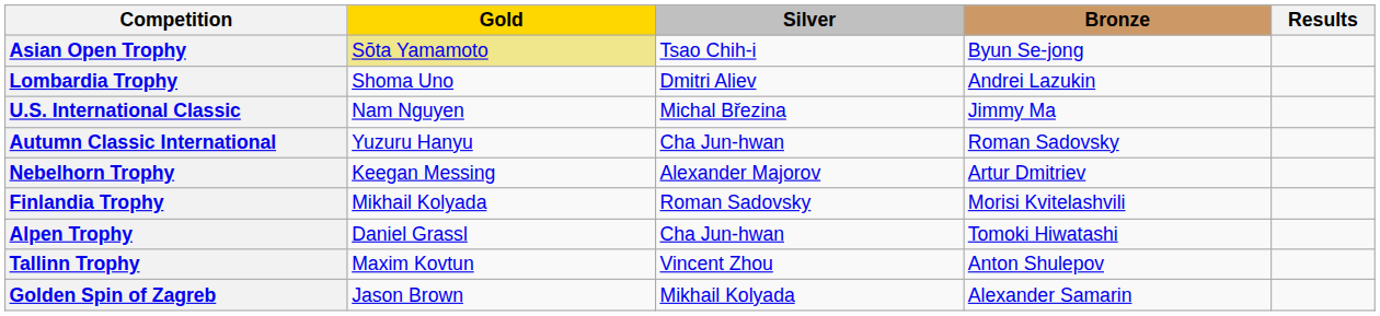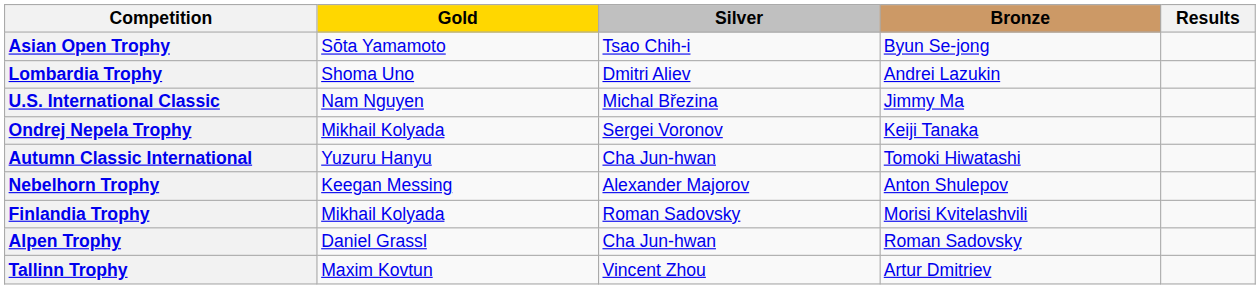 <table class="wikitable unsortable" style="text-align:left; width:90%;">
 <tr>
 <th scope="col" style="text-align:center; width:25%;">Competition</th>
 <td scope="col" style="text-align:center; width:22.5%; background:gold"><strong>Gold</strong></td>
 <td scope="col" style="text-align:center; width:22.5%; background:silver"><strong>Silver</strong></td>
 <td scope="col" style="text-align:center; width:22.5%; background:#c96"><strong>Bronze</strong></td>
 <th scope="col" style="text-align:center; width:7.5%;">Results</th>
 </tr>
 <tr>
 <th scope="row" style="text-align:left"> <a href='#'>Asian Open Trophy</a></th>
-<td style="background: khaki;"> <a href='#'>Sōta Yamamoto</a></td>
+<td> <a href='#'>Sōta Yamamoto</a></td>
 <td> <a href='#'>Tsao Chih-i</a></td>
 <td> <a href='#'>Byun Se-jong</a></td>
 <td></td>
 </tr>
 <tr>
 <th scope="row" style="text-align:left"> <a href='#'>Lombardia Trophy</a></th>
 <td> <a href='#'>Shoma Uno</a></td>
 <td> <a href='#'>Dmitri Aliev</a></td>
 <td> <a href='#'>Andrei Lazukin</a></td>
 <td></td>
 </tr>
 <tr>
 <th scope="row" style="text-align:left"> <a href='#'>U.S. International Classic</a></th>
 <td> <a href='#'>Nam Nguyen</a></td>
 <td> <a href='#'>Michal Březina</a></td>
 <td> <a href='#'>Jimmy Ma</a></td>
 <td></td>
 </tr>
 <tr>
+<th scope="row" style="text-align:left"> <a href='#'>Ondrej Nepela Trophy</a></th>
+<td> <a href='#'>Mikhail Kolyada</a></td>
+<td> <a href='#'>Sergei Voronov</a></td>
+<td> <a href='#'>Keiji Tanaka</a></td>
+<td></td>
+</tr>
+<tr>
 <th scope="row" style="text-align:left"> <a href='#'>Autumn Classic International</a></th>
 <td> <a href='#'>Yuzuru Hanyu</a></td>
 <td> <a href='#'>Cha Jun-hwan</a></td>
-<td> <a href='#'>Roman Sadovsky</a></td>
+<td> <a href='#'>Tomoki Hiwatashi</a></td>
 <td></td>
 </tr>
 <tr>
 <th scope="row" style="text-align:left"> <a href='#'>Nebelhorn Trophy</a></th>
 <td> <a href='#'>Keegan Messing</a></td>
 <td> <a href='#'>Alexander Majorov</a></td>
-<td> <a href='#'>Artur Dmitriev</a></td>
+<td> <a href='#'>Anton Shulepov</a></td>
 <td></td>
 </tr>
 <tr>
 <th scope="row" style="text-align:left"> <a href='#'>Finlandia Trophy</a></th>
 <td> <a href='#'>Mikhail Kolyada</a></td>
 <td> <a href='#'>Roman Sadovsky</a></td>
 <td> <a href='#'>Morisi Kvitelashvili</a></td>
 <td></td>
 </tr>
 <tr>
 <th scope="row" style="text-align:left"> <a href='#'>Alpen Trophy</a></th>
 <td> <a href='#'>Daniel Grassl</a></td>
 <td> <a href='#'>Cha Jun-hwan</a></td>
-<td> <a href='#'>Tomoki Hiwatashi</a></td>
+<td> <a href='#'>Roman Sadovsky</a></td>
 <td></td>
 </tr>
 <tr>
 <th scope="row" style="text-align:left"> <a href='#'>Tallinn Trophy</a></th>
 <td> <a href='#'>Maxim Kovtun</a></td>
 <td> <a href='#'>Vincent Zhou</a></td>
-<td> <a href='#'>Anton Shulepov</a></td>
-<td></td>
-</tr>
-<tr>
-<th scope="row" style="text-align:left"> <a href='#'>Golden Spin of Zagreb</a></th>
-<td> <a href='#'>Jason Brown</a></td>
-<td> <a href='#'>Mikhail Kolyada</a></td>
-<td> <a href='#'>Alexander Samarin</a></td>
+<td> <a href='#'>Artur Dmitriev</a></td>
 <td></td>
 </tr>
 </table>
